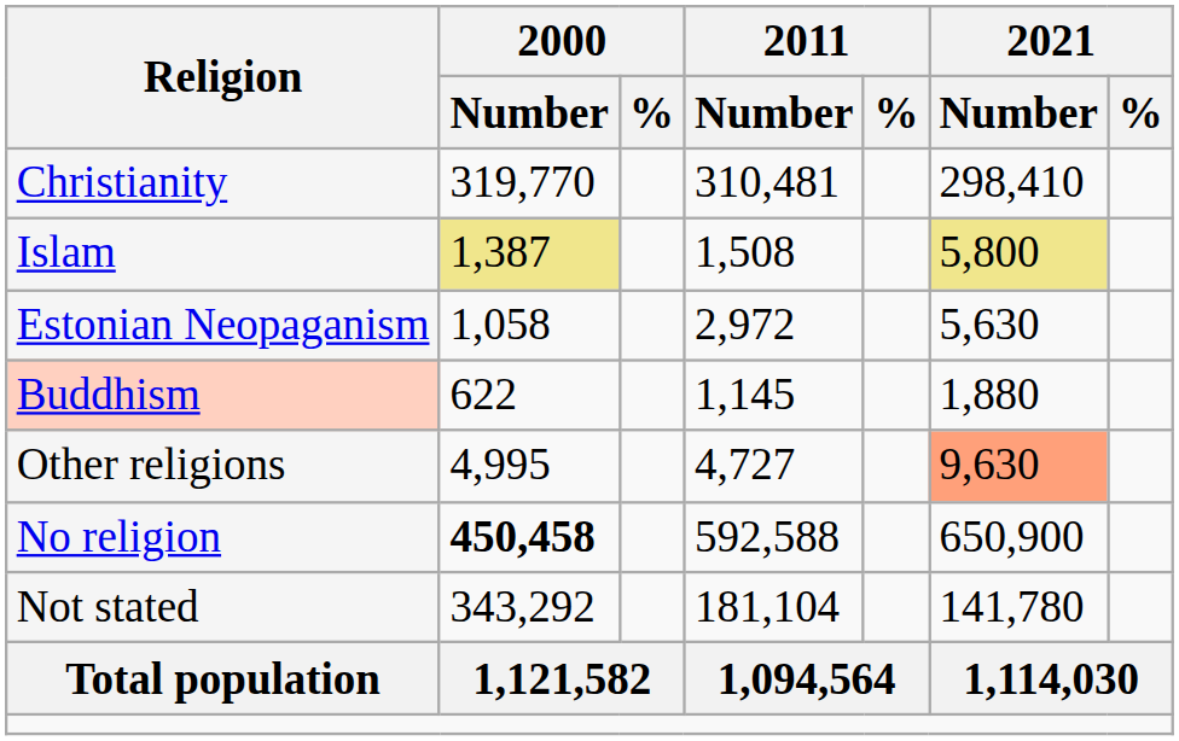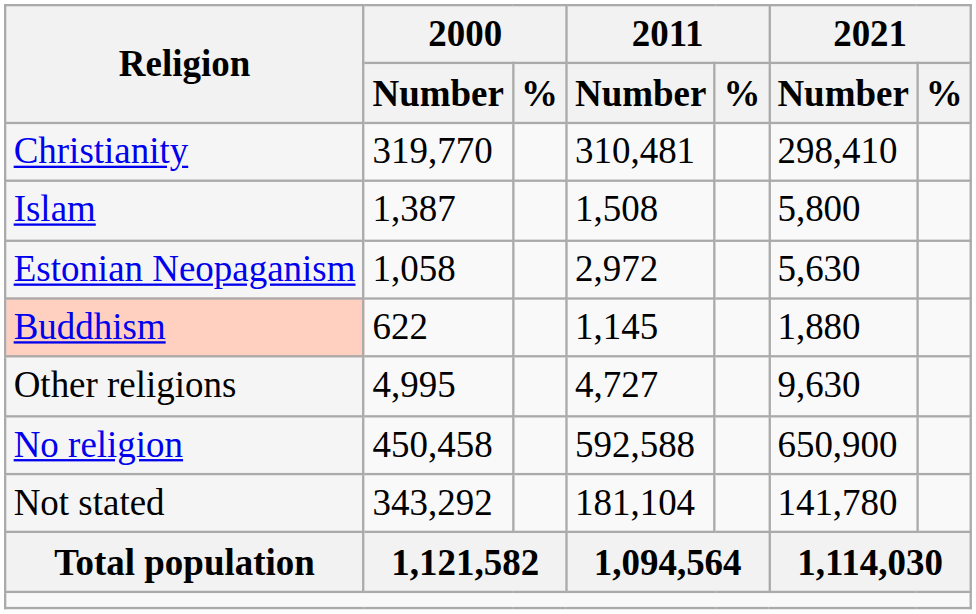 <table class="wikitable">
 <tr>
 <th rowspan="2">Religion</th>
 <th style="text-align:center;" colspan="2">2000</th>
 <th style="text-align:center;" colspan="2">2011</th>
 <th style="text-align:center;" colspan="2">2021</th>
 </tr>
 <tr>
 <th>Number</th>
 <th>%</th>
 <th>Number</th>
 <th>%</th>
 <th>Number</th>
 <th>%</th>
 </tr>
 <tr>
 <td style="background:#F5F5F5;"><a href='#'>Christianity</a></td>
 <td>319,770</td>
 <td></td>
 <td>310,481</td>
 <td></td>
 <td>298,410</td>
 <td></td>
 </tr>
 <tr>
 <td style="background:#F5F5F5;"><a href='#'>Islam</a></td>
-<td style="background: khaki;">1,387</td>
+<td>1,387</td>
 <td></td>
 <td>1,508</td>
 <td></td>
-<td style="background: khaki;">5,800</td>
+<td>5,800</td>
 <td></td>
 </tr>
 <tr>
 <td style="background:#F5F5F5;"><a href='#'>Estonian Neopaganism</a></td>
 <td>1,058</td>
 <td></td>
 <td>2,972</td>
 <td></td>
 <td>5,630</td>
 <td></td>
 </tr>
 <tr>
 <td style="background:#FFD0C0;"><a href='#'>Buddhism</a></td>
 <td>622</td>
 <td></td>
 <td>1,145</td>
 <td></td>
 <td>1,880</td>
 <td></td>
 </tr>
 <tr>
 <td style="background:#F5F5F5;">Other religions</td>
 <td>4,995</td>
 <td></td>
 <td>4,727</td>
 <td></td>
-<td style="background: lightsalmon;">9,630</td>
+<td>9,630</td>
 <td></td>
 </tr>
 <tr>
 <td style="background:#F5F5F5;"><a href='#'>No religion</a></td>
-<td><strong>450,458</strong></td>
+<td>450,458</td>
 <td></td>
 <td>592,588</td>
 <td></td>
 <td>650,900</td>
 <td></td>
 </tr>
 <tr>
 <td style="background:#F5F5F5;">Not stated</td>
 <td>343,292</td>
 <td></td>
 <td>181,104</td>
 <td></td>
 <td>141,780</td>
 <td></td>
 </tr>
 <tr>
 <th>Total population</th>
 <th colspan="2">1,121,582</th>
 <th colspan="2">1,094,564</th>
 <th colspan="2">1,114,030</th>
 </tr>
 <tr>
 <td colspan="100%"></td>
 </tr>
 </table>
